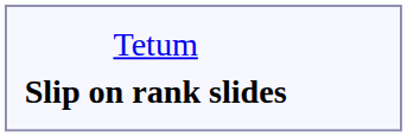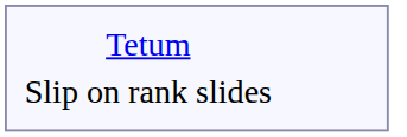 <table style="border:1px solid #8888aa; background-color:#f7f8ff; padding:5px; font-size:95%; margin: 0px 12px 12px 0px;">
 <tr style="text-align:center;">
 <td rowspan=1><a href='#'>Tetum</a></td>
 <td colspan=2></td>
 <td colspan=2></td>
 <td colspan=2></td>
 <td colspan=2></td>
 <td colspan=2></td>
 <td colspan=2></td>
 <td colspan=2></td>
 <td colspan=2></td>
 <td colspan=2></td>
 <td colspan=3></td>
 <td colspan=3></td>
 </tr>
 <tr style="text-align:center;">
-<td rowspan=1><strong>Slip on rank slides</strong></td>
+<td rowspan=1>Slip on rank slides</td>
 <td colspan=2></td>
 <td colspan=2></td>
 <td colspan=2></td>
 <td colspan=2></td>
 <td colspan=2></td>
 <td colspan=2></td>
 <td colspan=2></td>
 <td colspan=2></td>
 <td colspan=2></td>
 <td colspan=3></td>
 <td colspan=3><br></td>
 </tr>
 </table>
